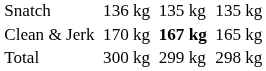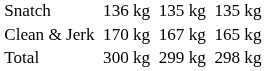 <table>
 <tr>
 <td>Snatch</td>
 <td></td>
 <td>136 kg</td>
 <td></td>
 <td>135 kg</td>
 <td></td>
 <td>135 kg</td>
 </tr>
 <tr>
 <td>Clean & Jerk</td>
 <td></td>
 <td>170 kg</td>
 <td></td>
-<td><strong>167 kg</strong></td>
+<td>167 kg</td>
 <td></td>
 <td>165 kg</td>
 </tr>
 <tr>
 <td>Total</td>
 <td></td>
 <td>300 kg</td>
 <td></td>
 <td>299 kg</td>
 <td></td>
 <td>298 kg</td>
 </tr>
 </table>
